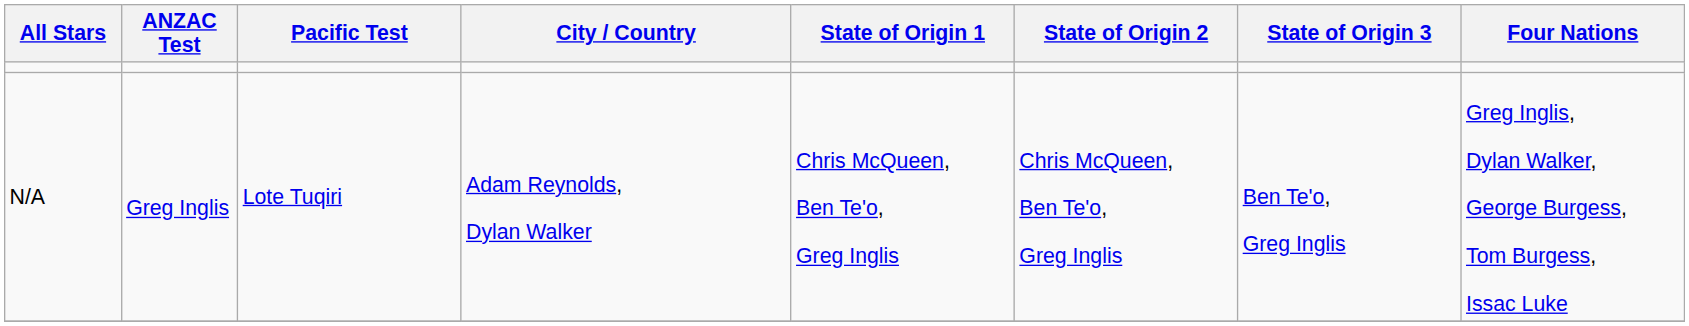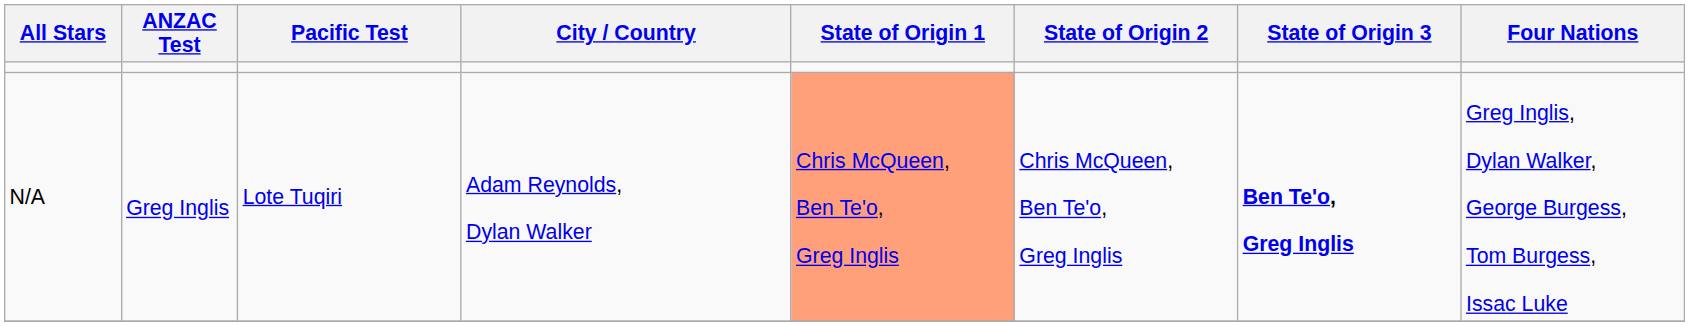 <table class="wikitable" style="width:100%;">
 <tr style="background:#FFF;">
 <th style="width:5em"><a href='#'>All Stars</a></th>
 <th style="width:5em"><a href='#'>ANZAC Test</a></th>
 <th style="width:10em"><a href='#'>Pacific Test</a></th>
 <th style="width:15em"><a href='#'>City / Country</a></th>
 <th style="width:10em"><a href='#'>State of Origin 1</a></th>
 <th style="width:10em"><a href='#'>State of Origin 2</a></th>
 <th style="width:10em"><a href='#'>State of Origin 3</a></th>
 <th style="width:10em"><a href='#'>Four Nations</a></th>
 </tr>
 <tr>
 <td></td>
 <td></td>
 <td></td>
 <td></td>
 <td></td>
 <td></td>
 <td></td>
 <td></td>
 </tr>
 <tr>
 <td>N/A</td>
 <td><br>  <a href='#'>Greg Inglis</a> <br></td>
 <td> <a href='#'>Lote Tuqiri</a></td>
 <td><br>   <a href='#'>Adam Reynolds</a>, <br> <br>   <a href='#'>Dylan Walker</a> <br></td>
+<td style="background: lightsalmon;"><br>  <a href='#'>Chris McQueen</a>, <br> <br> <a href='#'>Ben Te'o</a>, <br> <br>  <a href='#'>Greg Inglis</a></td>
 <td><br>  <a href='#'>Chris McQueen</a>, <br> <br> <a href='#'>Ben Te'o</a>, <br> <br>  <a href='#'>Greg Inglis</a></td>
-<td><br>  <a href='#'>Chris McQueen</a>, <br> <br> <a href='#'>Ben Te'o</a>, <br> <br>  <a href='#'>Greg Inglis</a></td>
-<td><br> <br> <a href='#'>Ben Te'o</a>, <br> <br>  <a href='#'>Greg Inglis</a></td>
+<td><strong><br> <br> <a href='#'>Ben Te'o</a>, <br> <br>  <a href='#'>Greg Inglis</a></strong></td>
 <td><br>  <a href='#'>Greg Inglis</a>, <br> <br>  <a href='#'>Dylan Walker</a>, <br> <br>   <a href='#'>George Burgess</a>, <br> <br> <a href='#'>Tom Burgess</a>, <br> <br>  <a href='#'>Issac Luke</a> <br></td>
 </tr>
 <tr>
 </tr>
 </table>
